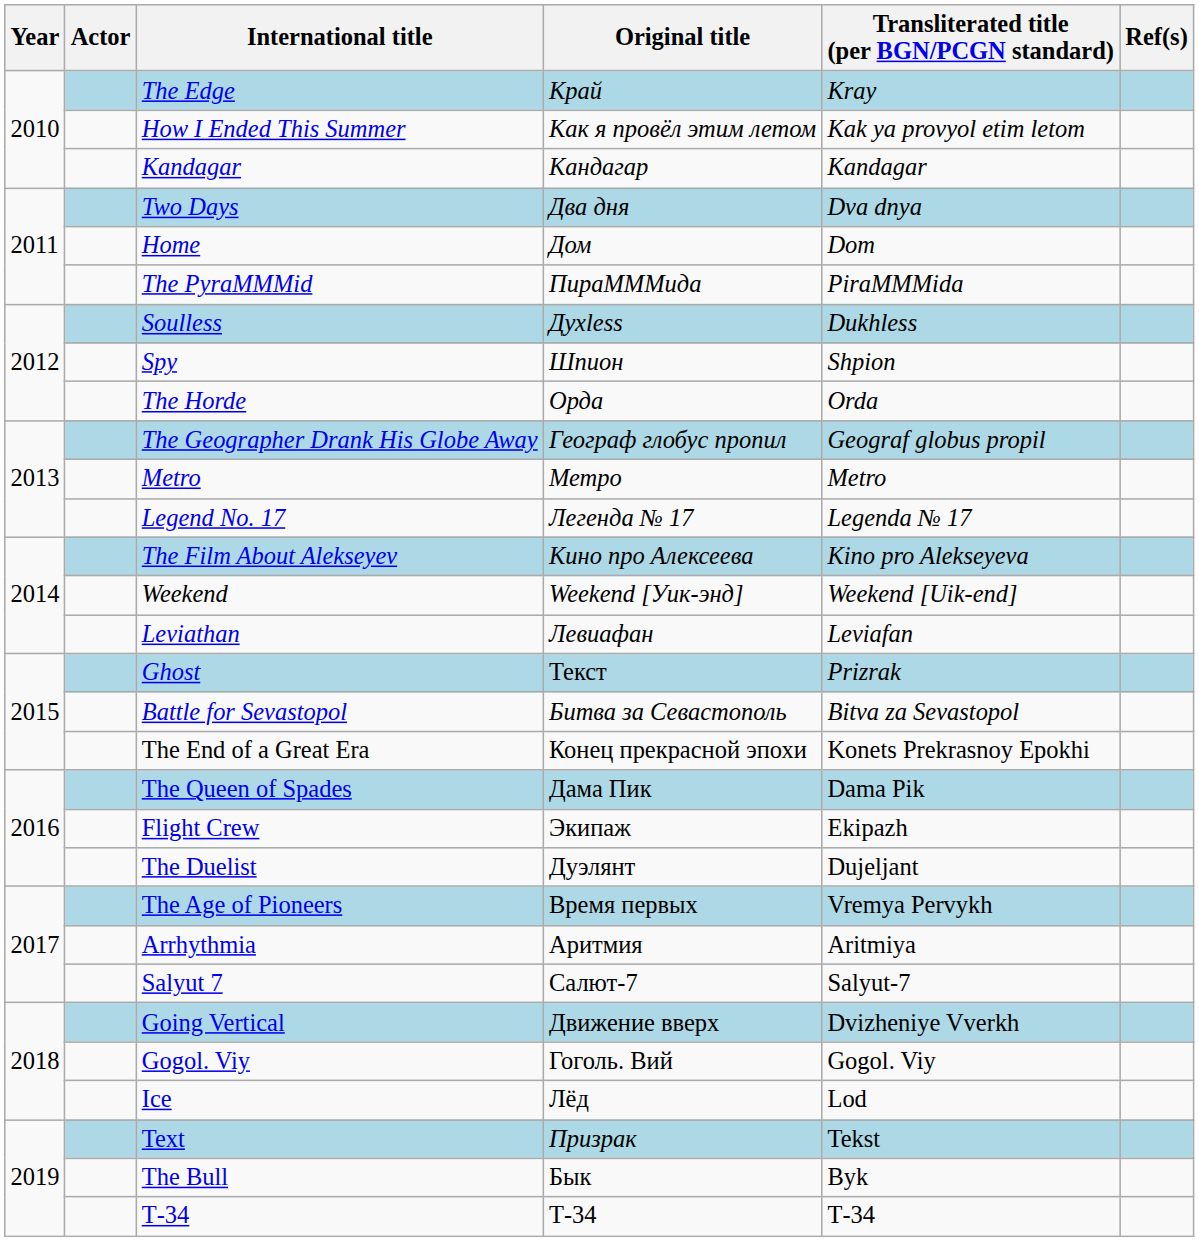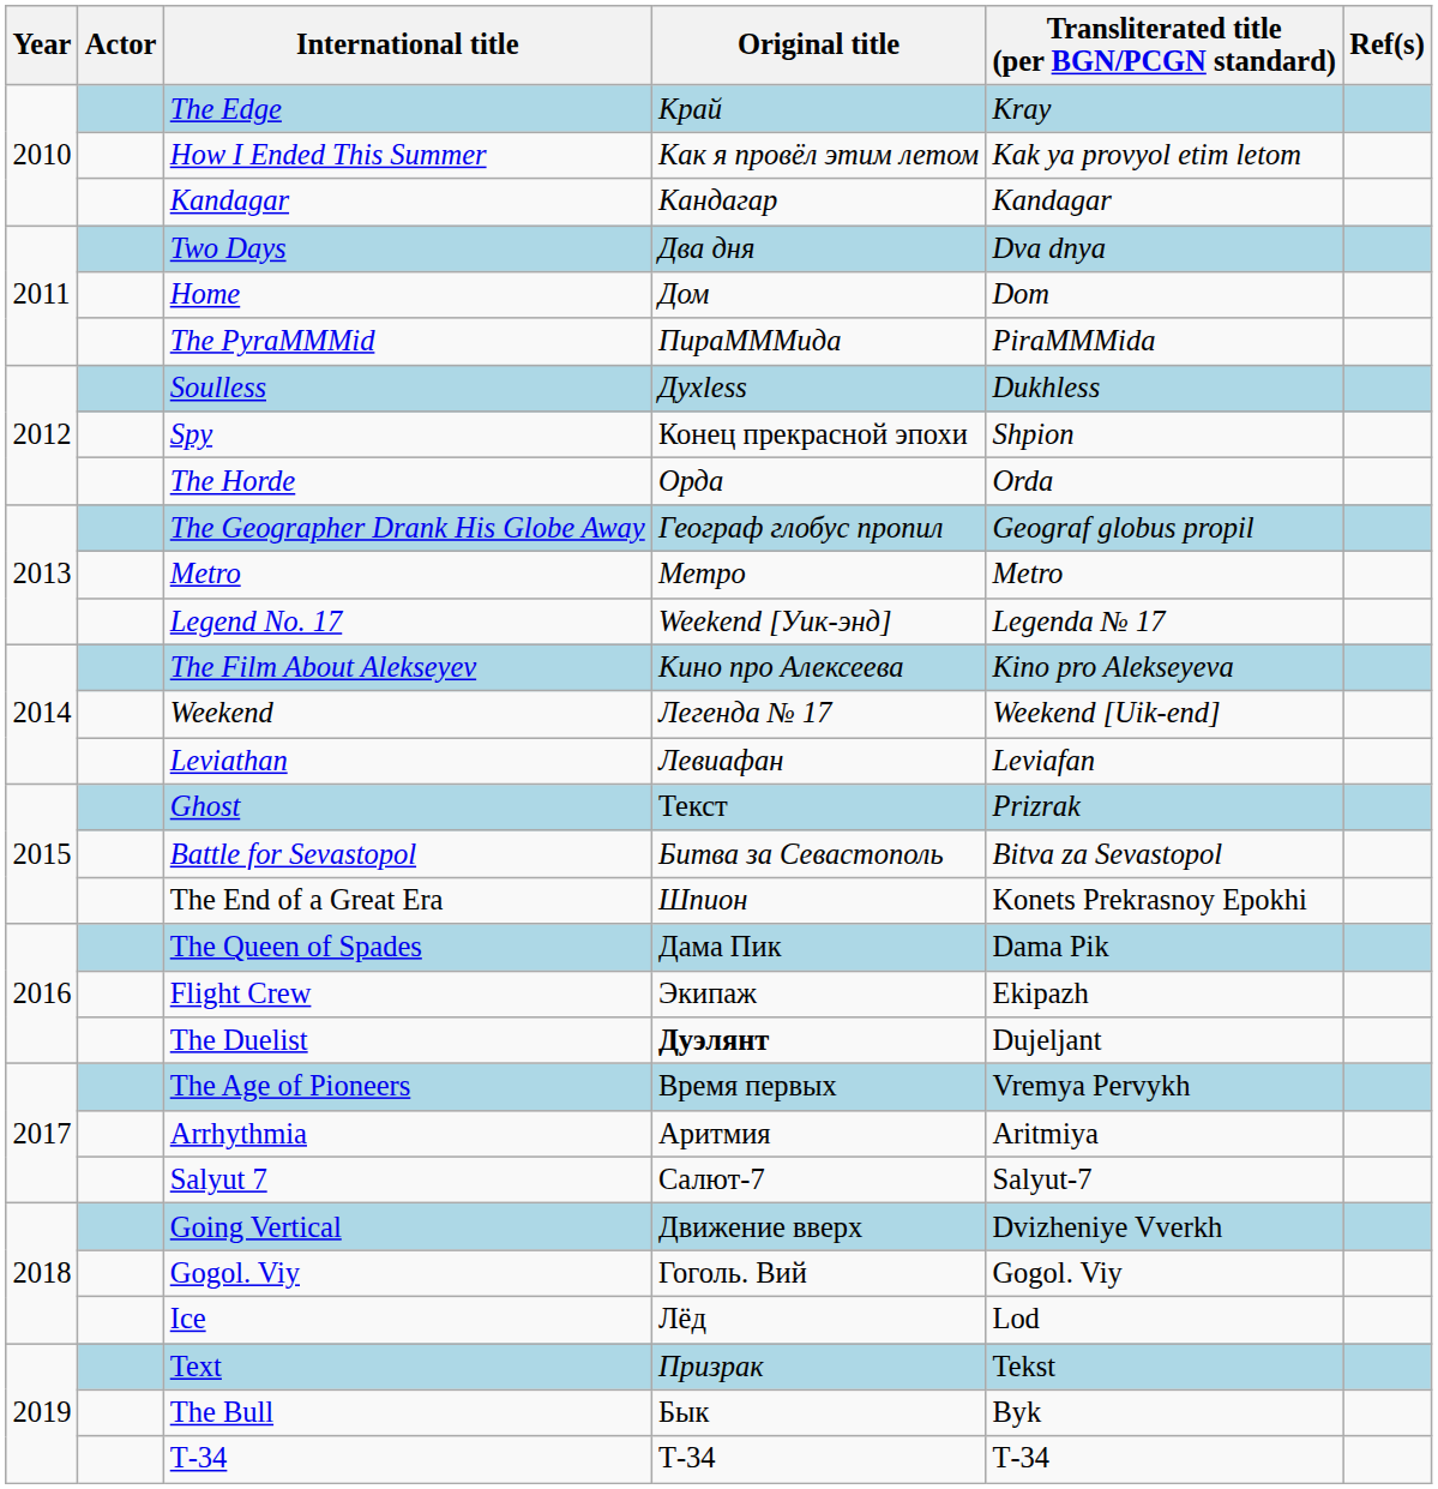 <table class="wikitable sortable">
 <tr>
 <th>Year</th>
 <th>Actor</th>
 <th>International title</th>
 <th>Original title</th>
 <th>Transliterated title<br>(per <a href='#'>BGN/PCGN</a> standard)</th>
 <th class="unsortable">Ref(s)</th>
 </tr>
 <tr>
 <td rowspan="3">2010</td>
 <td style="background-color:lightblue"><strong></strong></td>
 <td style="background-color:lightblue"><em><a href='#'>The Edge</a></em></td>
 <td style="background-color:lightblue"><em>Край</em></td>
 <td style="background-color:lightblue"><em>Kray</em></td>
 <td style="background-color:lightblue"></td>
 </tr>
 <tr>
 <td></td>
 <td><em><a href='#'>How I Ended This Summer</a></em></td>
 <td><em>Как я провёл этим летом</em></td>
 <td><em>Kak ya provyol etim letom</em></td>
 <td></td>
 </tr>
 <tr>
 <td></td>
 <td><em><a href='#'>Kandagar</a></em></td>
 <td><em>Кандагар</em></td>
 <td><em>Kandagar</em></td>
 <td></td>
 </tr>
 <tr>
 <td rowspan="3">2011</td>
 <td style="background-color:lightblue"><strong></strong></td>
 <td style="background-color:lightblue"><em><a href='#'>Two Days</a></em></td>
 <td style="background-color:lightblue"><em>Два дня</em></td>
 <td style="background-color:lightblue"><em>Dva dnya</em></td>
 <td style="background-color:lightblue"></td>
 </tr>
 <tr>
 <td></td>
 <td><em><a href='#'>Home</a></em></td>
 <td><em>Дом</em></td>
 <td><em>Dom</em></td>
 <td></td>
 </tr>
 <tr>
 <td></td>
 <td><em><a href='#'>The PyraMMMid</a></em></td>
 <td><em>ПираМММида</em></td>
 <td><em>PiraMMMida</em></td>
 <td></td>
 </tr>
 <tr>
 <td rowspan="3">2012</td>
 <td style="background-color:lightblue"><strong></strong></td>
 <td style="background-color:lightblue"><em><a href='#'>Soulless</a></em></td>
 <td style="background-color:lightblue"><em>Духless</em></td>
 <td style="background-color:lightblue"><em>Dukhless</em></td>
 <td style="background-color:lightblue"></td>
 </tr>
 <tr>
 <td></td>
 <td><em><a href='#'>Spy</a></em></td>
-<td><em>Шпион</em></td>
+<td></em>Конец прекрасной эпохи<em></td>
 <td><em>Shpion</em></td>
 <td></td>
 </tr>
 <tr>
 <td></td>
 <td><em><a href='#'>The Horde</a></em></td>
 <td><em>Орда</em></td>
 <td><em>Orda</em></td>
 <td></td>
 </tr>
 <tr>
 <td rowspan="3">2013</td>
 <td style="background-color:lightblue"><strong></strong></td>
 <td style="background-color:lightblue"><em><a href='#'>The Geographer Drank His Globe Away</a></em></td>
 <td style="background-color:lightblue"><em>Географ глобус пропил</em></td>
 <td style="background-color:lightblue"><em>Geograf globus propil</em></td>
 <td style="background-color:lightblue"></td>
 </tr>
 <tr>
 <td></td>
 <td><em><a href='#'>Metro</a></em></td>
 <td><em>Метро</em></td>
 <td><em>Metro</em></td>
 <td></td>
 </tr>
 <tr>
 <td></td>
 <td><em><a href='#'>Legend No. 17</a></em></td>
-<td><em>Легенда № 17</em></td>
+<td><em>Weekend [Уик-энд]</em></td>
 <td><em>Legenda № 17</em></td>
 <td></td>
 </tr>
 <tr>
 <td rowspan="3">2014</td>
 <td style="background-color:lightblue"><strong></strong></td>
 <td style="background-color:lightblue"><em><a href='#'>The Film About Alekseyev</a></em></td>
 <td style="background-color:lightblue"><em>Кино про Алексеева</em></td>
 <td style="background-color:lightblue"><em>Kino pro Alekseyeva</em></td>
 <td style="background-color:lightblue"></td>
 </tr>
 <tr>
 <td></td>
 <td><em>Weekend</em></td>
-<td><em>Weekend [Уик-энд]</em></td>
+<td><em>Легенда № 17</em></td>
 <td><em>Weekend [Uik-end]</em></td>
 <td></td>
 </tr>
 <tr>
 <td></td>
 <td><em><a href='#'>Leviathan</a></em></td>
 <td><em>Левиафан</em></td>
 <td><em>Leviafan</em></td>
 <td></td>
 </tr>
 <tr>
 <td rowspan="3">2015</td>
 <td style="background-color:lightblue"><strong></strong></td>
 <td style="background-color:lightblue"><em><a href='#'>Ghost</a></em></td>
 <td style="background-color:lightblue"></em>Текст<em></td>
 <td style="background-color:lightblue"><em>Prizrak</em></td>
 <td style="background-color:lightblue"></td>
 </tr>
 <tr>
 <td></td>
 <td><em><a href='#'>Battle for Sevastopol</a></em></td>
 <td><em>Битва за Севастополь</em></td>
 <td><em>Bitva za Sevastopol<strong></td>
 <td></td>
 </tr>
 <tr>
 <td></td>
 <td></em>The End of a Great Era<em></td>
-<td></em>Конец прекрасной эпохи<em></td>
+<td><em>Шпион</em></td>
 <td></em>Konets Prekrasnoy Epokhi<em></td>
 <td></td>
 </tr>
 <tr>
 <td rowspan="3">2016</td>
 <td style="background-color:lightblue"></strong><strong></td>
 <td style="background-color:lightblue"></em><a href='#'>The Queen of Spades</a><em></td>
 <td style="background-color:lightblue"></em>Дама Пик<em></td>
 <td style="background-color:lightblue"></em>Dama Pik<em></td>
 <td style="background-color:lightblue"></td>
 </tr>
 <tr>
 <td></td>
 <td></em><a href='#'>Flight Crew</a><em></td>
 <td></em>Экипаж<em></td>
 <td></em>Ekipazh<em></td>
 <td></td>
 </tr>
 <tr>
 <td></td>
 <td></em><a href='#'>The Duelist</a><em></td>
-<td></em>Дуэлянт<em></td>
+<td><strong></em>Дуэлянт<em></strong></td>
 <td></em>Dujeljant<em></td>
 <td></td>
 </tr>
 <tr>
 <td rowspan="3">2017</td>
 <td style="background-color:lightblue"></strong><strong></td>
 <td style="background-color:lightblue"></em><a href='#'>The Age of Pioneers</a><em></td>
 <td style="background-color:lightblue"></em>Время первых<em></td>
 <td style="background-color:lightblue"></em>Vremya Pervykh<em></td>
 <td style="background-color:lightblue"></td>
 </tr>
 <tr>
 <td></td>
 <td></em><a href='#'>Arrhythmia</a><em></td>
 <td></em>Аритмия<em></td>
 <td></em>Aritmiya<em></td>
 <td></td>
 </tr>
 <tr>
 <td></td>
 <td></em><a href='#'>Salyut 7</a><em></td>
 <td></em>Салют-7<em></td>
 <td></em>Salyut-7<em></td>
 <td></td>
 </tr>
 <tr>
 <td rowspan="3">2018</td>
 <td style="background-color:lightblue"></strong><strong></td>
 <td style="background-color:lightblue"></em><a href='#'>Going Vertical</a><em></td>
 <td style="background-color:lightblue"></em>Движение вверх<em></td>
 <td style="background-color:lightblue"></em>Dvizheniye Vverkh<em></td>
 <td style="background-color:lightblue"></td>
 </tr>
 <tr>
 <td></td>
 <td></em><a href='#'>Gogol. Viy</a><em></td>
 <td></em>Гоголь. Вий<em></td>
 <td></em>Gogol. Viy<em></td>
 <td></td>
 </tr>
 <tr>
 <td></td>
 <td></em><a href='#'>Ice</a><em></td>
 <td></em>Лёд<em></td>
 <td></em>Lod<em></td>
 <td></td>
 </tr>
 <tr>
 <td rowspan="3">2019</td>
 <td style="background-color:lightblue"></strong><strong></td>
 <td style="background-color:lightblue"></em><a href='#'>Text</a><em></td>
 <td style="background-color:lightblue"><em>Призрак</em></td>
 <td style="background-color:lightblue"></em>Tekst<em></td>
 <td style="background-color:lightblue"></td>
 </tr>
 <tr>
 <td></td>
 <td></em><a href='#'>The Bull</a><em></td>
 <td></em>Бык<em></td>
 <td></em>Byk<em></td>
 <td></td>
 </tr>
 <tr>
 <td></td>
 <td></em><a href='#'>Т-34</a><em></td>
 <td></em>Т-34<em></td>
 <td></em>Т-34<em></td>
 <td></td>
 </tr>
 </table>
